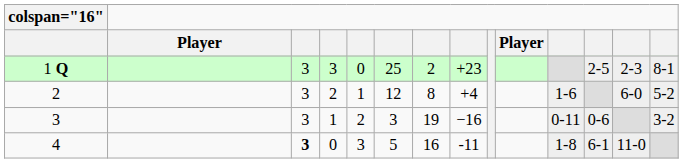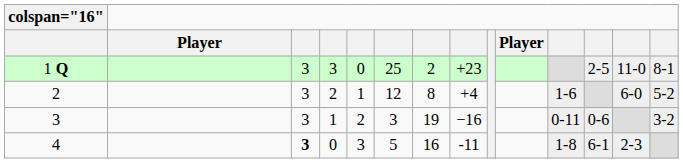 <table class=wikitable style=text-align:center>
 <tr>
 <th>colspan="16" </th>
 </tr>
 <tr>
 <th width=20 abbr=Position></th>
 <th width=175>Player</th>
 <th width=20 abbr=Played></th>
 <th width=20 abbr=Won></th>
 <th width=20 abbr=Lost></th>
 <th width=30 abbr=Points for></th>
 <th width=30 abbr=Points against></th>
 <th width=30 abbr=Points difference></th>
 <th rowspan="5" abbr=H2H></th>
 <th>Player</th>
 <th></th>
 <th></th>
 <th></th>
 <th></th>
 </tr>
 <tr bgcolor=#CCFFCC>
 <td>1 <strong>Q</strong></td>
 <td align=left></td>
 <td>3</td>
 <td>3</td>
 <td>0</td>
 <td>25</td>
 <td>2</td>
 <td>+23</td>
 <td></td>
 <td bgcolor="#dddddd"> </td>
 <td bgcolor="#efefef">2-5</td>
-<td bgcolor="#efefef">2-3</td>
+<td bgcolor="#efefef">11-0</td>
 <td bgcolor="#efefef">8-1</td>
 </tr>
 <tr>
 <td>2  </td>
 <td align=left></td>
 <td>3</td>
 <td>2</td>
 <td>1</td>
 <td>12</td>
 <td>8</td>
 <td>+4</td>
 <td></td>
 <td bgcolor="#efefef">1-6</td>
 <td bgcolor="#dddddd"> </td>
 <td bgcolor="#efefef">6-0</td>
 <td bgcolor="#efefef">5-2</td>
 </tr>
 <tr>
 <td>3 </td>
 <td align=left></td>
 <td>3</td>
 <td>1</td>
 <td>2</td>
 <td>3</td>
 <td>19</td>
 <td>−16</td>
 <td></td>
 <td bgcolor="#efefef">0-11</td>
 <td bgcolor="#efefef">0-6</td>
 <td bgcolor="#dddddd"> </td>
 <td bgcolor="#efefef">3-2</td>
 </tr>
 <tr>
 <td>4 </td>
 <td align=left></td>
 <td><strong>3</strong></td>
 <td>0</td>
 <td>3</td>
 <td>5</td>
 <td>16</td>
 <td>-11</td>
 <td></td>
 <td bgcolor="#efefef">1-8</td>
 <td bgcolor="#efefef">6-1</td>
-<td bgcolor="#efefef">11-0</td>
+<td bgcolor="#efefef">2-3</td>
 <td bgcolor="#dddddd"> </td>
 </tr>
 </table>
